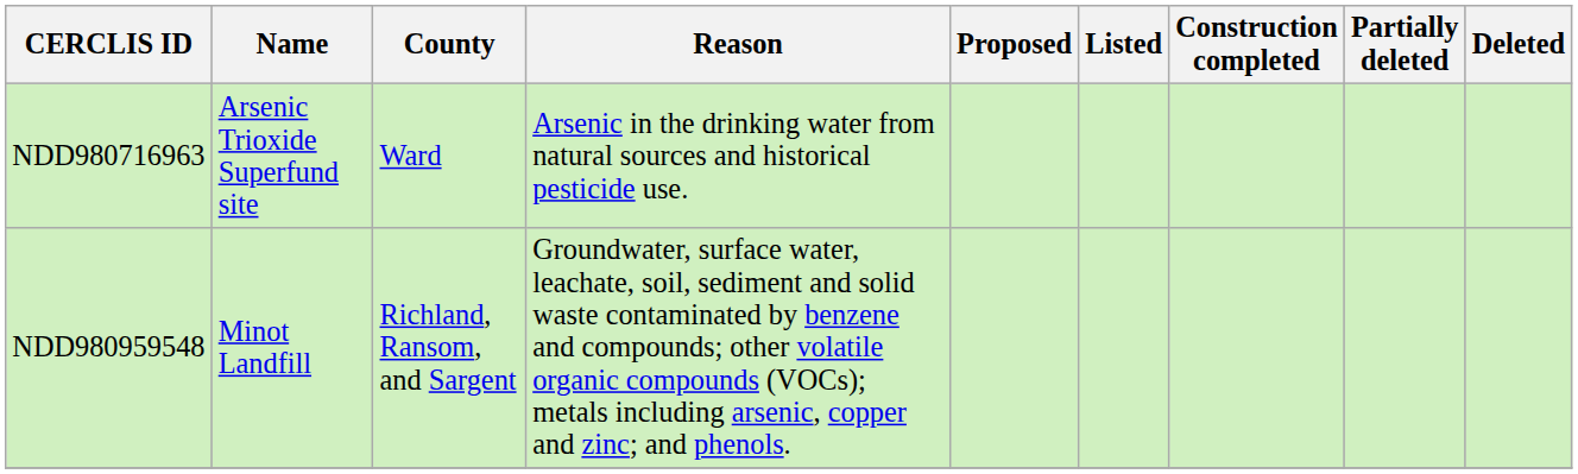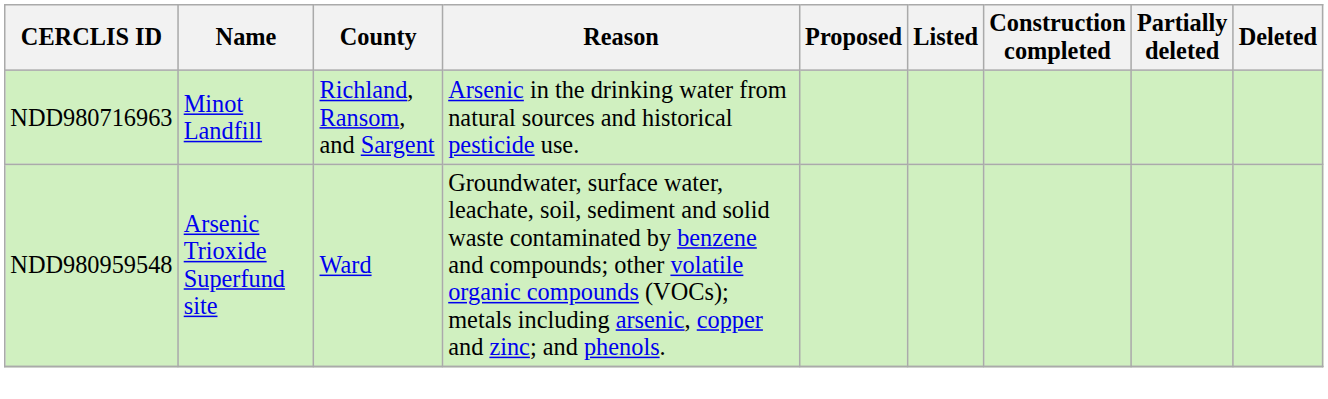 <table class="wikitable sortable">
 <tr>
 <th>CERCLIS ID</th>
 <th>Name</th>
 <th>County</th>
 <th>Reason</th>
 <th>Proposed</th>
 <th>Listed</th>
 <th>Construction<br>completed</th>
 <th>Partially<br>deleted</th>
 <th>Deleted</th>
 </tr>
 <tr style="background:#d0f0c0">
 <td>NDD980716963</td>
-<td><a href='#'>Arsenic Trioxide Superfund site</a></td>
-<td><a href='#'>Ward</a></td>
+<td><a href='#'>Minot Landfill</a></td>
+<td><a href='#'>Richland</a>, <a href='#'>Ransom</a>, and <a href='#'>Sargent</a></td>
 <td><a href='#'>Arsenic</a> in the drinking water from natural sources and historical <a href='#'>pesticide</a> use.</td>
 <td></td>
 <td></td>
 <td></td>
 <td></td>
 <td></td>
 </tr>
 <tr style="background:#d0f0c0">
 <td>NDD980959548</td>
-<td><a href='#'>Minot Landfill</a></td>
-<td><a href='#'>Richland</a>, <a href='#'>Ransom</a>, and <a href='#'>Sargent</a></td>
+<td><a href='#'>Arsenic Trioxide Superfund site</a></td>
+<td><a href='#'>Ward</a></td>
 <td>Groundwater, surface water, leachate, soil, sediment and solid waste contaminated by <a href='#'>benzene</a> and compounds; other <a href='#'>volatile organic compounds</a> (VOCs); metals including <a href='#'>arsenic</a>, <a href='#'>copper</a> and <a href='#'>zinc</a>; and <a href='#'>phenols</a>.</td>
 <td></td>
 <td></td>
 <td></td>
 <td></td>
 <td></td>
 </tr>
 <tr>
 </tr>
 </table>
